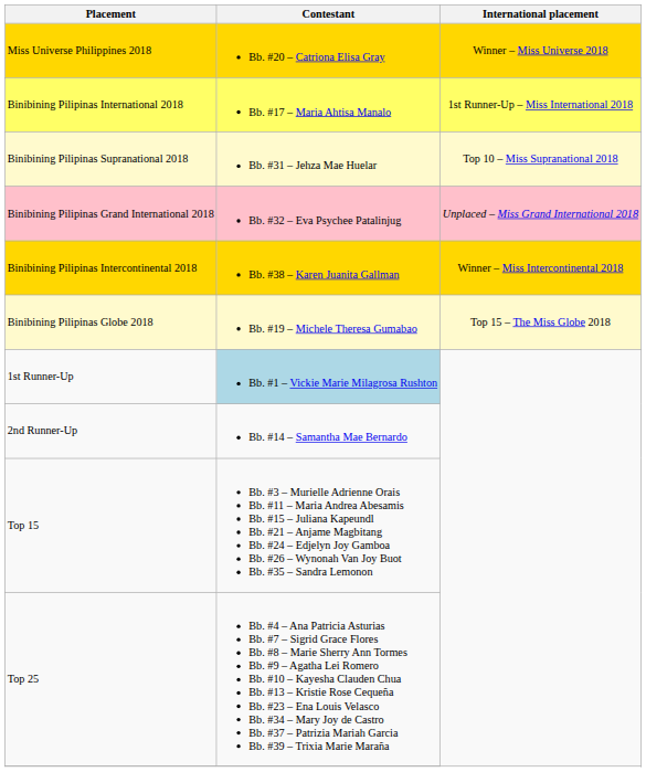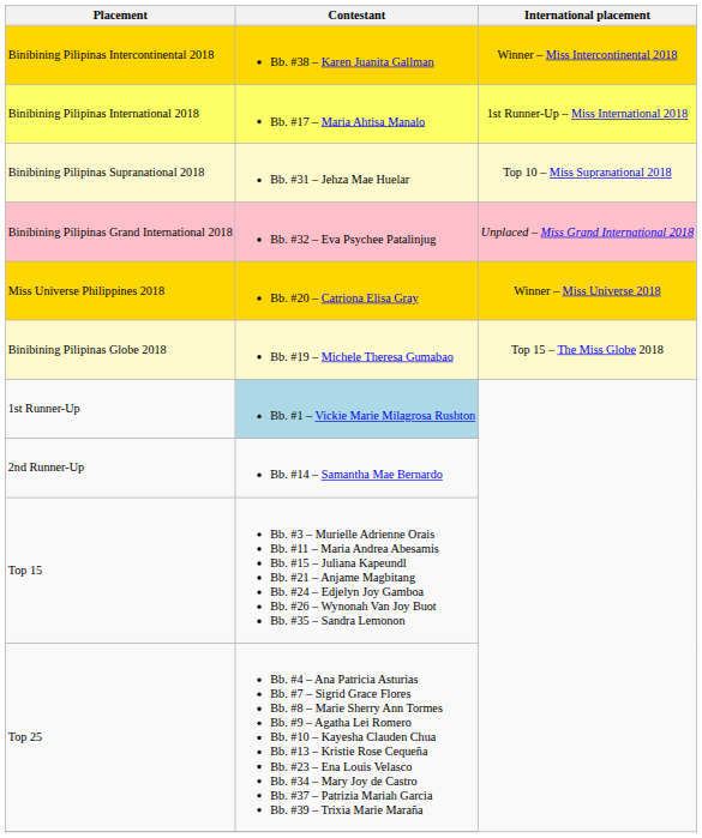 <table class="wikitable sortable" style="font-size:95%;">
 <tr>
 <th>Placement</th>
 <th>Contestant</th>
 <th>International placement</th>
 </tr>
 <tr style="background:gold;">
-<td>Miss Universe Philippines 2018</td>
-<td><br><ul><li>Bb. #20 – <a href='#'>Catriona Elisa Gray</a></li></ul></td>
-<td align=center>Winner – <a href='#'>Miss Universe 2018</a></td>
+<td>Binibining Pilipinas Intercontinental 2018</td>
+<td><br><ul><li>Bb. #38 – <a href='#'>Karen Juanita Gallman</a></li></ul></td>
+<td align=center>Winner – <a href='#'>Miss Intercontinental 2018</a></td>
 </tr>
 <tr style="background:#FFFF66;">
 <td>Binibining Pilipinas International 2018</td>
 <td><br><ul><li>Bb. #17 – <a href='#'>Maria Ahtisa Manalo</a></li></ul></td>
 <td align=center>1st Runner-Up – <a href='#'>Miss International 2018</a></td>
 </tr>
 <tr style="background:#FFFACD;">
 <td>Binibining Pilipinas Supranational 2018</td>
 <td><br><ul><li>Bb. #31 – Jehza Mae Huelar</li></ul></td>
 <td align=center>Top 10 – <a href='#'>Miss Supranational 2018</a></td>
 </tr>
 <tr style="background:pink;">
 <td>Binibining Pilipinas Grand International 2018</td>
 <td><br><ul><li>Bb. #32 – Eva Psychee Patalinjug</li></ul></td>
 <td align=center><em>Unplaced – <a href='#'>Miss Grand International 2018</a></em></td>
 </tr>
 <tr style="background:gold;">
-<td>Binibining Pilipinas Intercontinental 2018</td>
-<td><br><ul><li>Bb. #38 – <a href='#'>Karen Juanita Gallman</a></li></ul></td>
-<td align=center>Winner – <a href='#'>Miss Intercontinental 2018</a></td>
+<td>Miss Universe Philippines 2018</td>
+<td><br><ul><li>Bb. #20 – <a href='#'>Catriona Elisa Gray</a></li></ul></td>
+<td align=center>Winner – <a href='#'>Miss Universe 2018</a></td>
 </tr>
 <tr style="background:#FFFACD;">
 <td>Binibining Pilipinas Globe 2018</td>
 <td><br><ul><li>Bb. #19 – <a href='#'>Michele Theresa Gumabao</a></li></ul></td>
 <td align=center>Top 15 – <a href='#'>The Miss Globe</a> 2018</td>
 </tr>
 <tr>
 <td>1st Runner-Up</td>
 <td style="background: lightblue;"><br><ul><li>Bb. #1 – <a href='#'>Vickie Marie Milagrosa Rushton</a></li></ul></td>
 </tr>
 <tr>
 <td>2nd Runner-Up</td>
 <td><br><ul><li>Bb. #14 – <a href='#'>Samantha Mae Bernardo</a></li></ul></td>
 </tr>
 <tr>
 <td>Top 15</td>
 <td><br><ul><li>Bb. #3 – Murielle Adrienne Orais</li><li>Bb. #11 – Maria Andrea Abesamis</li><li>Bb. #15 – Juliana Kapeundl</li><li>Bb. #21 – Anjame Magbitang</li><li>Bb. #24 – Edjelyn Joy Gamboa</li><li>Bb. #26 – Wynonah Van Joy Buot</li><li>Bb.  #35 – Sandra Lemonon</li></ul></td>
 </tr>
 <tr>
 <td>Top 25</td>
 <td><br><ul><li>Bb. #4 – Ana Patricia Asturias</li><li>Bb. #7 – Sigrid Grace Flores</li><li>Bb. #8 – Marie Sherry Ann Tormes</li><li>Bb. #9 – Agatha Lei Romero</li><li>Bb. #10 – Kayesha Clauden Chua</li><li>Bb. #13 – Kristie Rose Cequeña</li><li>Bb. #23 – Ena Louis Velasco</li><li>Bb. #34 – Mary Joy de Castro</li><li>Bb. #37 – Patrizia Mariah Garcia</li><li>Bb. #39 – Trixia Marie Maraña</li></ul></td>
 </tr>
 <tr>
 </tr>
 </table>
